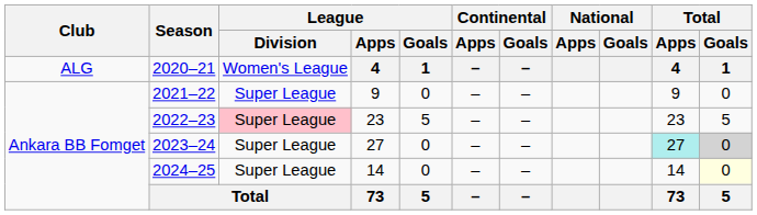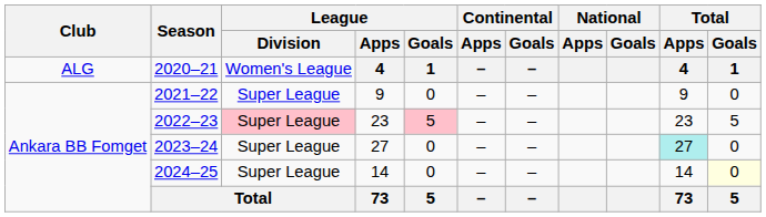 <table class="wikitable" style="text-align: center;">
 <tr>
 <th rowspan=2>Club</th>
 <th rowspan=2>Season</th>
 <th colspan=3>League</th>
 <th colspan=2>Continental</th>
 <th colspan=2>National</th>
 <th colspan=2>Total</th>
 </tr>
 <tr>
 <th>Division</th>
 <th>Apps</th>
 <th>Goals</th>
 <th>Apps</th>
 <th>Goals</th>
 <th>Apps</th>
 <th>Goals</th>
 <th>Apps</th>
 <th>Goals</th>
 </tr>
 <tr>
 <td><a href='#'>ALG</a></td>
 <td><a href='#'>2020–21</a></td>
 <td><a href='#'>Women's League</a></td>
 <th>4</th>
 <th>1</th>
 <th>–</th>
 <th>–</th>
 <th></th>
 <th></th>
 <th>4</th>
 <th>1</th>
 </tr>
 <tr>
 <td rowspan=5><a href='#'>Ankara BB Fomget</a></td>
 <td><a href='#'>2021–22</a></td>
 <td><a href='#'>Super League</a></td>
 <td>9</td>
 <td>0</td>
 <td>–</td>
 <td>–</td>
 <td></td>
 <td></td>
 <td>9</td>
 <td>0</td>
 </tr>
 <tr>
 <td><a href='#'>2022–23</a></td>
 <td style="background: pink;">Super League</td>
 <td>23</td>
-<td>5</td>
+<td style="background: pink;">5</td>
 <td>–</td>
 <td>–</td>
 <td></td>
 <td></td>
 <td>23</td>
 <td>5</td>
 </tr>
 <tr>
 <td><a href='#'>2023–24</a></td>
 <td>Super League</td>
 <td>27</td>
 <td>0</td>
 <td>–</td>
 <td>–</td>
 <td></td>
 <td></td>
 <td style="background: paleturquoise;">27</td>
-<td style="background: lightgrey;">0</td>
+<td>0</td>
 </tr>
 <tr>
 <td><a href='#'>2024–25</a></td>
 <td>Super League</td>
 <td>14</td>
 <td>0</td>
 <td>–</td>
 <td>–</td>
 <td></td>
 <td></td>
 <td>14</td>
 <td style="background: lightyellow;">0</td>
 </tr>
 <tr>
 <th colspan=2>Total</th>
 <th>73</th>
 <th>5</th>
 <th>–</th>
 <th>–</th>
 <th></th>
 <th></th>
 <th>73</th>
 <th>5</th>
 </tr>
 </table>
